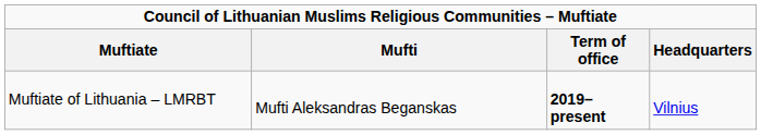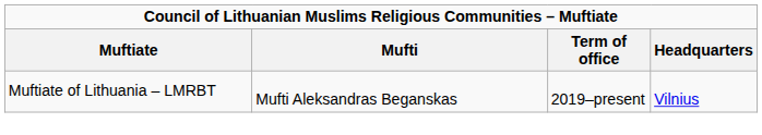 <table class=wikitable>
 <tr>
 <td colspan=4 align=center><strong>Council of Lithuanian Muslims Religious Communities – Muftiate</strong></td>
 </tr>
 <tr>
 <th scope="row" width="250">Muftiate</th>
 <th scope="row" width="300">Mufti</th>
 <th scope="row" width="100">Term of office</th>
 <th scope="row" width="100">Headquarters</th>
 </tr>
 <tr>
 <td>Muftiate of Lithuania – LMRBT</td>
 <td><br>Mufti Aleksandras Beganskas</td>
-<td><strong><br>2019–present</strong></td>
+<td><br>2019–present</td>
 <td><br><a href='#'>Vilnius</a></td>
 </tr>
 </table>
